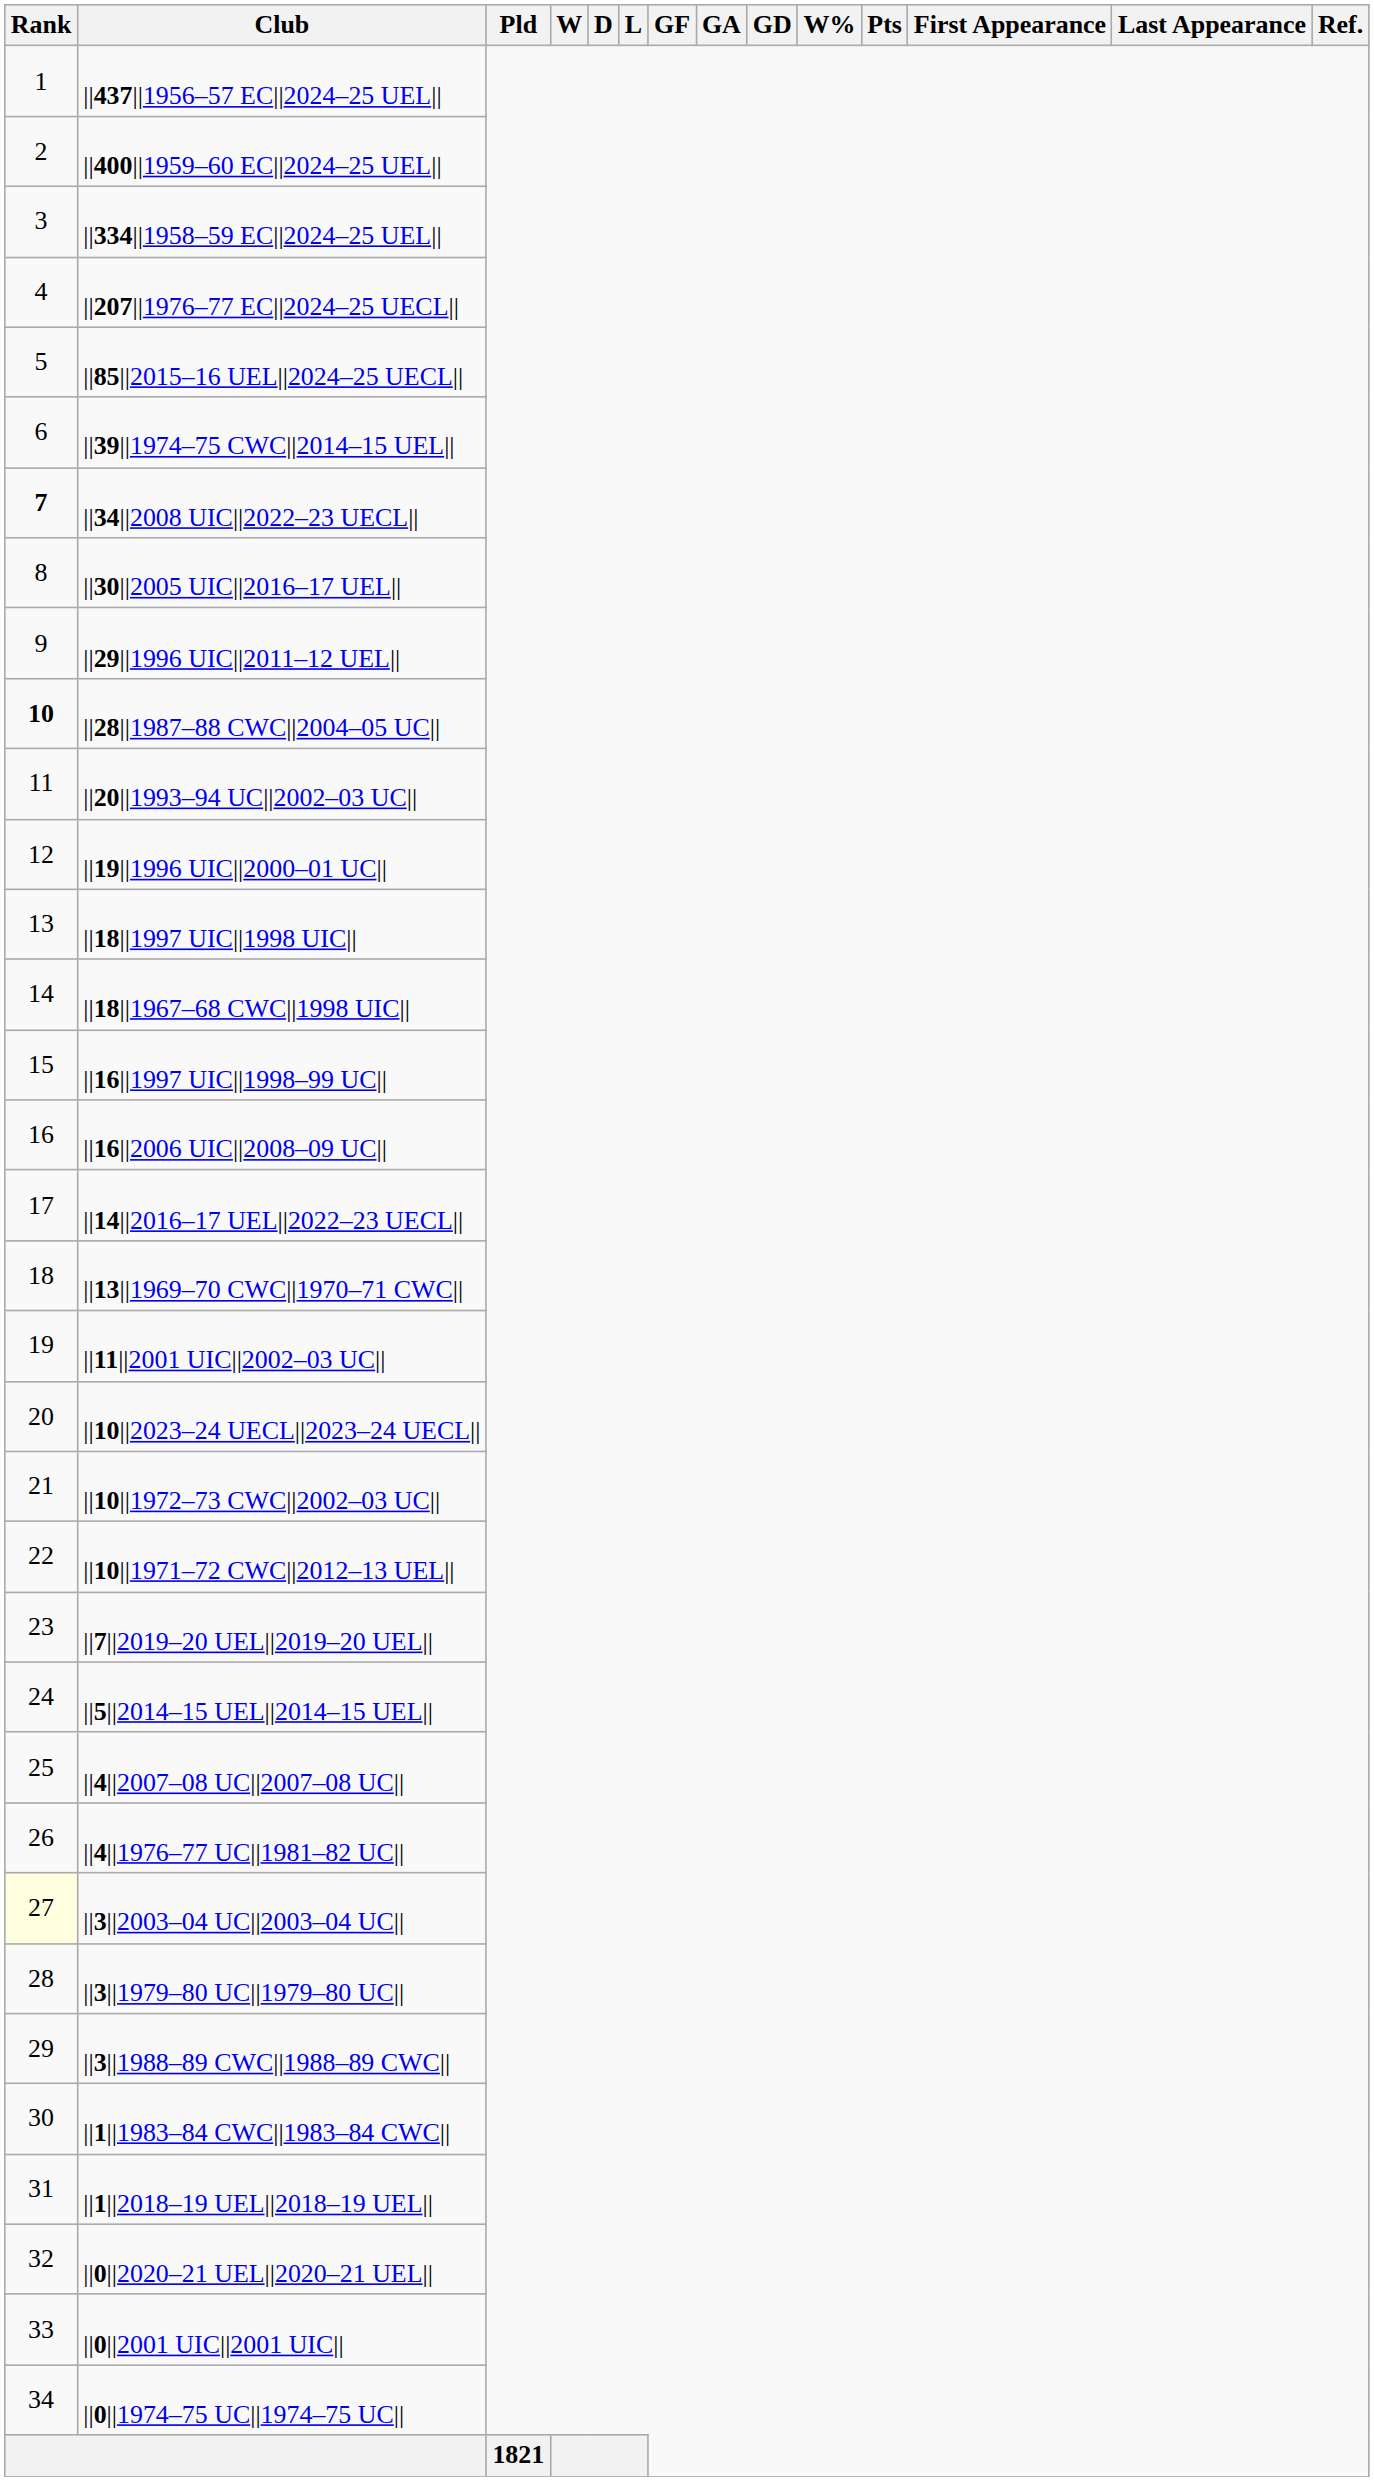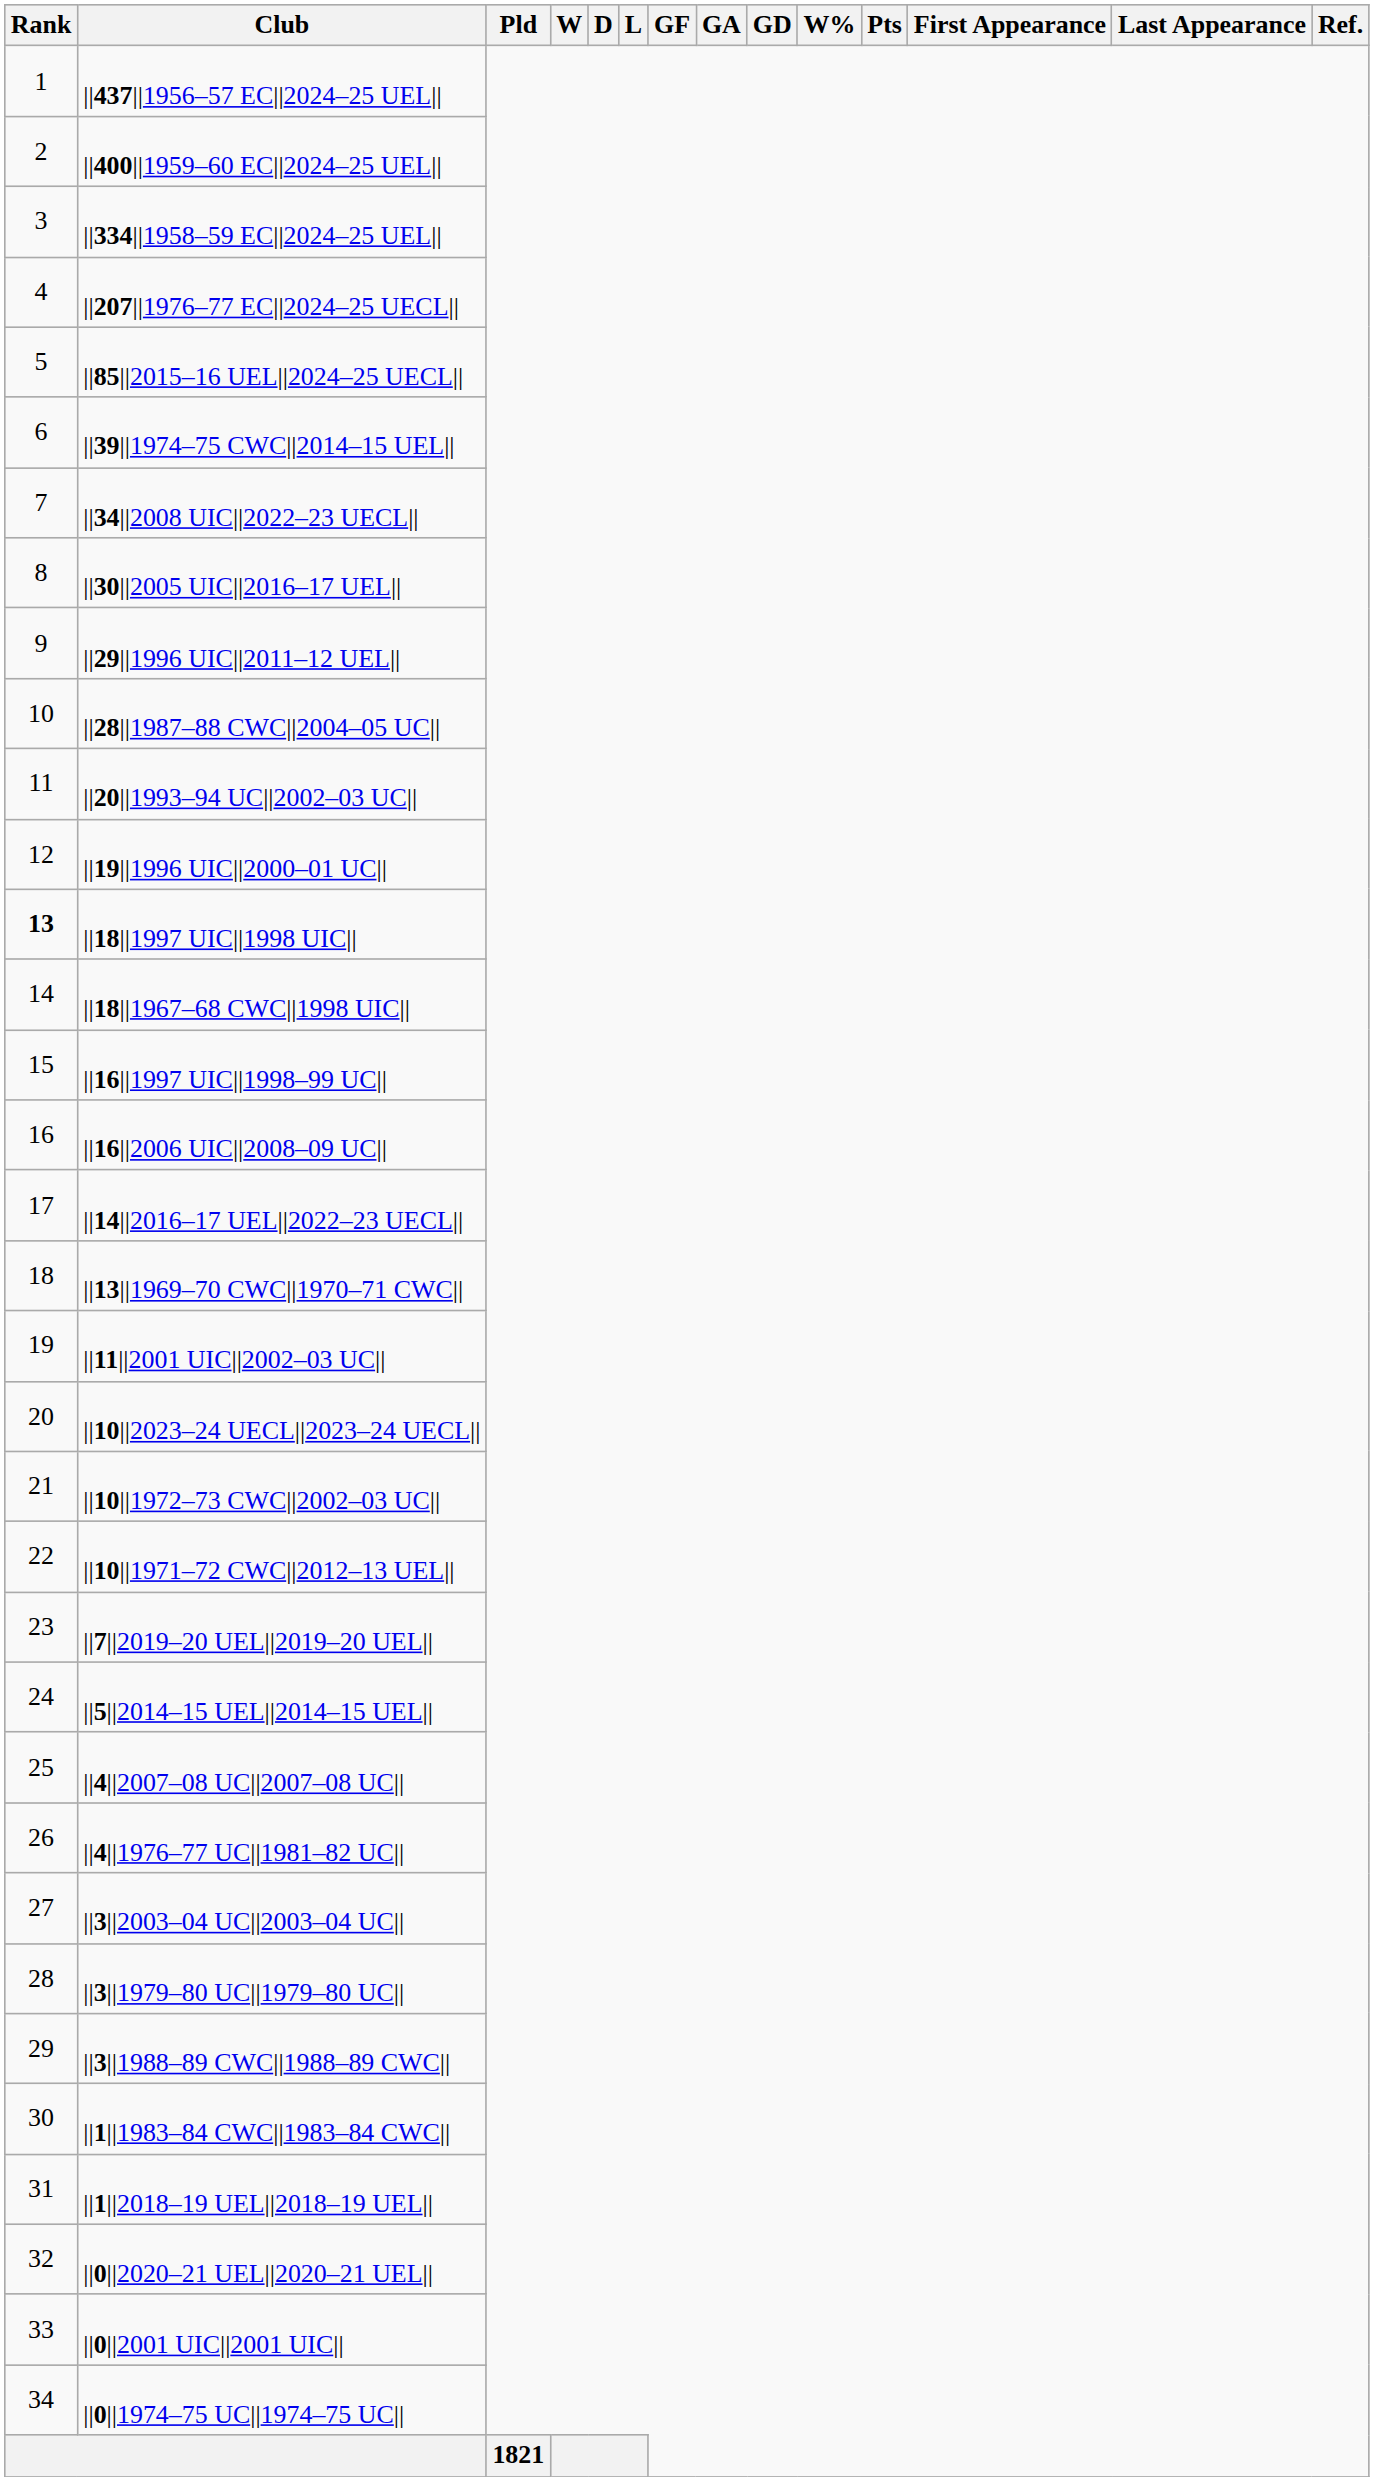 <table class="wikitable sortable" style="text-align: center;">
 <tr>
 <th>Rank</th>
 <th>Club</th>
 <th>Pld</th>
 <th>W</th>
 <th>D</th>
 <th>L</th>
 <th>GF</th>
 <th>GA</th>
 <th>GD</th>
 <th>W%</th>
 <th>Pts</th>
 <th>First Appearance</th>
 <th>Last Appearance</th>
 <th>Ref.</th>
 </tr>
 <tr>
 <td>1</td>
 <td align=left><br>||<strong>437</strong>||<a href='#'>1956–57 EC</a>||<a href='#'>2024–25 UEL</a>||</td>
 </tr>
 <tr>
 <td>2</td>
 <td align=left><br>||<strong>400</strong>||<a href='#'>1959–60 EC</a>||<a href='#'>2024–25 UEL</a>||</td>
 </tr>
 <tr>
 <td>3</td>
 <td align=left><br>||<strong>334</strong>||<a href='#'>1958–59 EC</a>||<a href='#'>2024–25 UEL</a>||</td>
 </tr>
 <tr>
 <td>4</td>
 <td align=left><br>||<strong>207</strong>||<a href='#'>1976–77 EC</a>||<a href='#'>2024–25 UECL</a>||</td>
 </tr>
 <tr>
 <td>5</td>
 <td align=left><br>||<strong>85</strong>||<a href='#'>2015–16 UEL</a>||<a href='#'>2024–25 UECL</a>||</td>
 </tr>
 <tr>
 <td>6</td>
 <td align=left><br>||<strong>39</strong>||<a href='#'>1974–75 CWC</a>||<a href='#'>2014–15 UEL</a>||</td>
 </tr>
 <tr>
-<td><strong>7</strong></td>
+<td>7</td>
 <td align=left><br>||<strong>34</strong>||<a href='#'>2008 UIC</a>||<a href='#'>2022–23 UECL</a>||</td>
 </tr>
 <tr>
 <td>8</td>
 <td align=left><br>||<strong>30</strong>||<a href='#'>2005 UIC</a>||<a href='#'>2016–17 UEL</a>||</td>
 </tr>
 <tr>
 <td>9</td>
 <td align=left><br>||<strong>29</strong>||<a href='#'>1996 UIC</a>||<a href='#'>2011–12 UEL</a>||</td>
 </tr>
 <tr>
-<td><strong>10</strong></td>
+<td>10</td>
 <td align=left><br>||<strong>28</strong>||<a href='#'>1987–88 CWC</a>||<a href='#'>2004–05 UC</a>||</td>
 </tr>
 <tr>
 <td>11</td>
 <td align=left><br>||<strong>20</strong>||<a href='#'>1993–94 UC</a>||<a href='#'>2002–03 UC</a>||</td>
 </tr>
 <tr>
 <td>12</td>
 <td align=left><br>||<strong>19</strong>||<a href='#'>1996 UIC</a>||<a href='#'>2000–01 UC</a>||</td>
 </tr>
 <tr>
-<td>13</td>
+<td><strong>13</strong></td>
 <td align=left><br>||<strong>18</strong>||<a href='#'>1997 UIC</a>||<a href='#'>1998 UIC</a>||</td>
 </tr>
 <tr>
 <td>14</td>
 <td align=left><br>||<strong>18</strong>||<a href='#'>1967–68 CWC</a>||<a href='#'>1998 UIC</a>||</td>
 </tr>
 <tr>
 <td>15</td>
 <td align=left><br>||<strong>16</strong>||<a href='#'>1997 UIC</a>||<a href='#'>1998–99 UC</a>||</td>
 </tr>
 <tr>
 <td>16</td>
 <td align=left><br>||<strong>16</strong>||<a href='#'>2006 UIC</a>||<a href='#'>2008–09 UC</a>||</td>
 </tr>
 <tr>
 <td>17</td>
 <td align=left><br>||<strong>14</strong>||<a href='#'>2016–17 UEL</a>||<a href='#'>2022–23 UECL</a>||</td>
 </tr>
 <tr>
 <td>18</td>
 <td align=left><br>||<strong>13</strong>||<a href='#'>1969–70 CWC</a>||<a href='#'>1970–71 CWC</a>||</td>
 </tr>
 <tr>
 <td>19</td>
 <td align=left><br>||<strong>11</strong>||<a href='#'>2001 UIC</a>||<a href='#'>2002–03 UC</a>||</td>
 </tr>
 <tr>
 <td>20</td>
 <td align=left><br>||<strong>10</strong>||<a href='#'>2023–24 UECL</a>||<a href='#'>2023–24 UECL</a>||</td>
 </tr>
 <tr>
 <td>21</td>
 <td align=left><br>||<strong>10</strong>||<a href='#'>1972–73 CWC</a>||<a href='#'>2002–03 UC</a>||</td>
 </tr>
 <tr>
 <td>22</td>
 <td align=left><br>||<strong>10</strong>||<a href='#'>1971–72 CWC</a>||<a href='#'>2012–13 UEL</a>||</td>
 </tr>
 <tr>
 <td>23</td>
 <td align=left><br>||<strong>7</strong>||<a href='#'>2019–20 UEL</a>||<a href='#'>2019–20 UEL</a>||</td>
 </tr>
 <tr>
 <td>24</td>
 <td align=left><br>||<strong>5</strong>||<a href='#'>2014–15 UEL</a>||<a href='#'>2014–15 UEL</a>||</td>
 </tr>
 <tr>
 <td>25</td>
 <td align=left><br>||<strong>4</strong>||<a href='#'>2007–08 UC</a>||<a href='#'>2007–08 UC</a>||</td>
 </tr>
 <tr>
 <td>26</td>
 <td align=left><br>||<strong>4</strong>||<a href='#'>1976–77 UC</a>||<a href='#'>1981–82 UC</a>||</td>
 </tr>
 <tr>
-<td style="background: lightyellow;">27</td>
+<td>27</td>
 <td align=left><br>||<strong>3</strong>||<a href='#'>2003–04 UC</a>||<a href='#'>2003–04 UC</a>||</td>
 </tr>
 <tr>
 <td>28</td>
 <td align=left><br>||<strong>3</strong>||<a href='#'>1979–80 UC</a>||<a href='#'>1979–80 UC</a>||</td>
 </tr>
 <tr>
 <td>29</td>
 <td align=left><br>||<strong>3</strong>||<a href='#'>1988–89 CWC</a>||<a href='#'>1988–89 CWC</a>||</td>
 </tr>
 <tr>
 <td>30</td>
 <td align=left><br>||<strong>1</strong>||<a href='#'>1983–84 CWC</a>||<a href='#'>1983–84 CWC</a>||</td>
 </tr>
 <tr>
 <td>31</td>
 <td align=left><br>||<strong>1</strong>||<a href='#'>2018–19 UEL</a>||<a href='#'>2018–19 UEL</a>||</td>
 </tr>
 <tr>
 <td>32</td>
 <td align=left><br>||<strong>0</strong>||<a href='#'>2020–21 UEL</a>||<a href='#'>2020–21 UEL</a>||</td>
 </tr>
 <tr>
 <td>33</td>
 <td align=left><br>||<strong>0</strong>||<a href='#'>2001 UIC</a>||<a href='#'>2001 UIC</a>||</td>
 </tr>
 <tr>
 <td>34</td>
 <td align=left><br>||<strong>0</strong>||<a href='#'>1974–75 UC</a>||<a href='#'>1974–75 UC</a>||</td>
 </tr>
 <tr class="sortbottom">
 <th colspan="2"><br></th>
 <th><strong>1821</strong></th>
 <th colspan="3"></th>
 </tr>
 </table>
